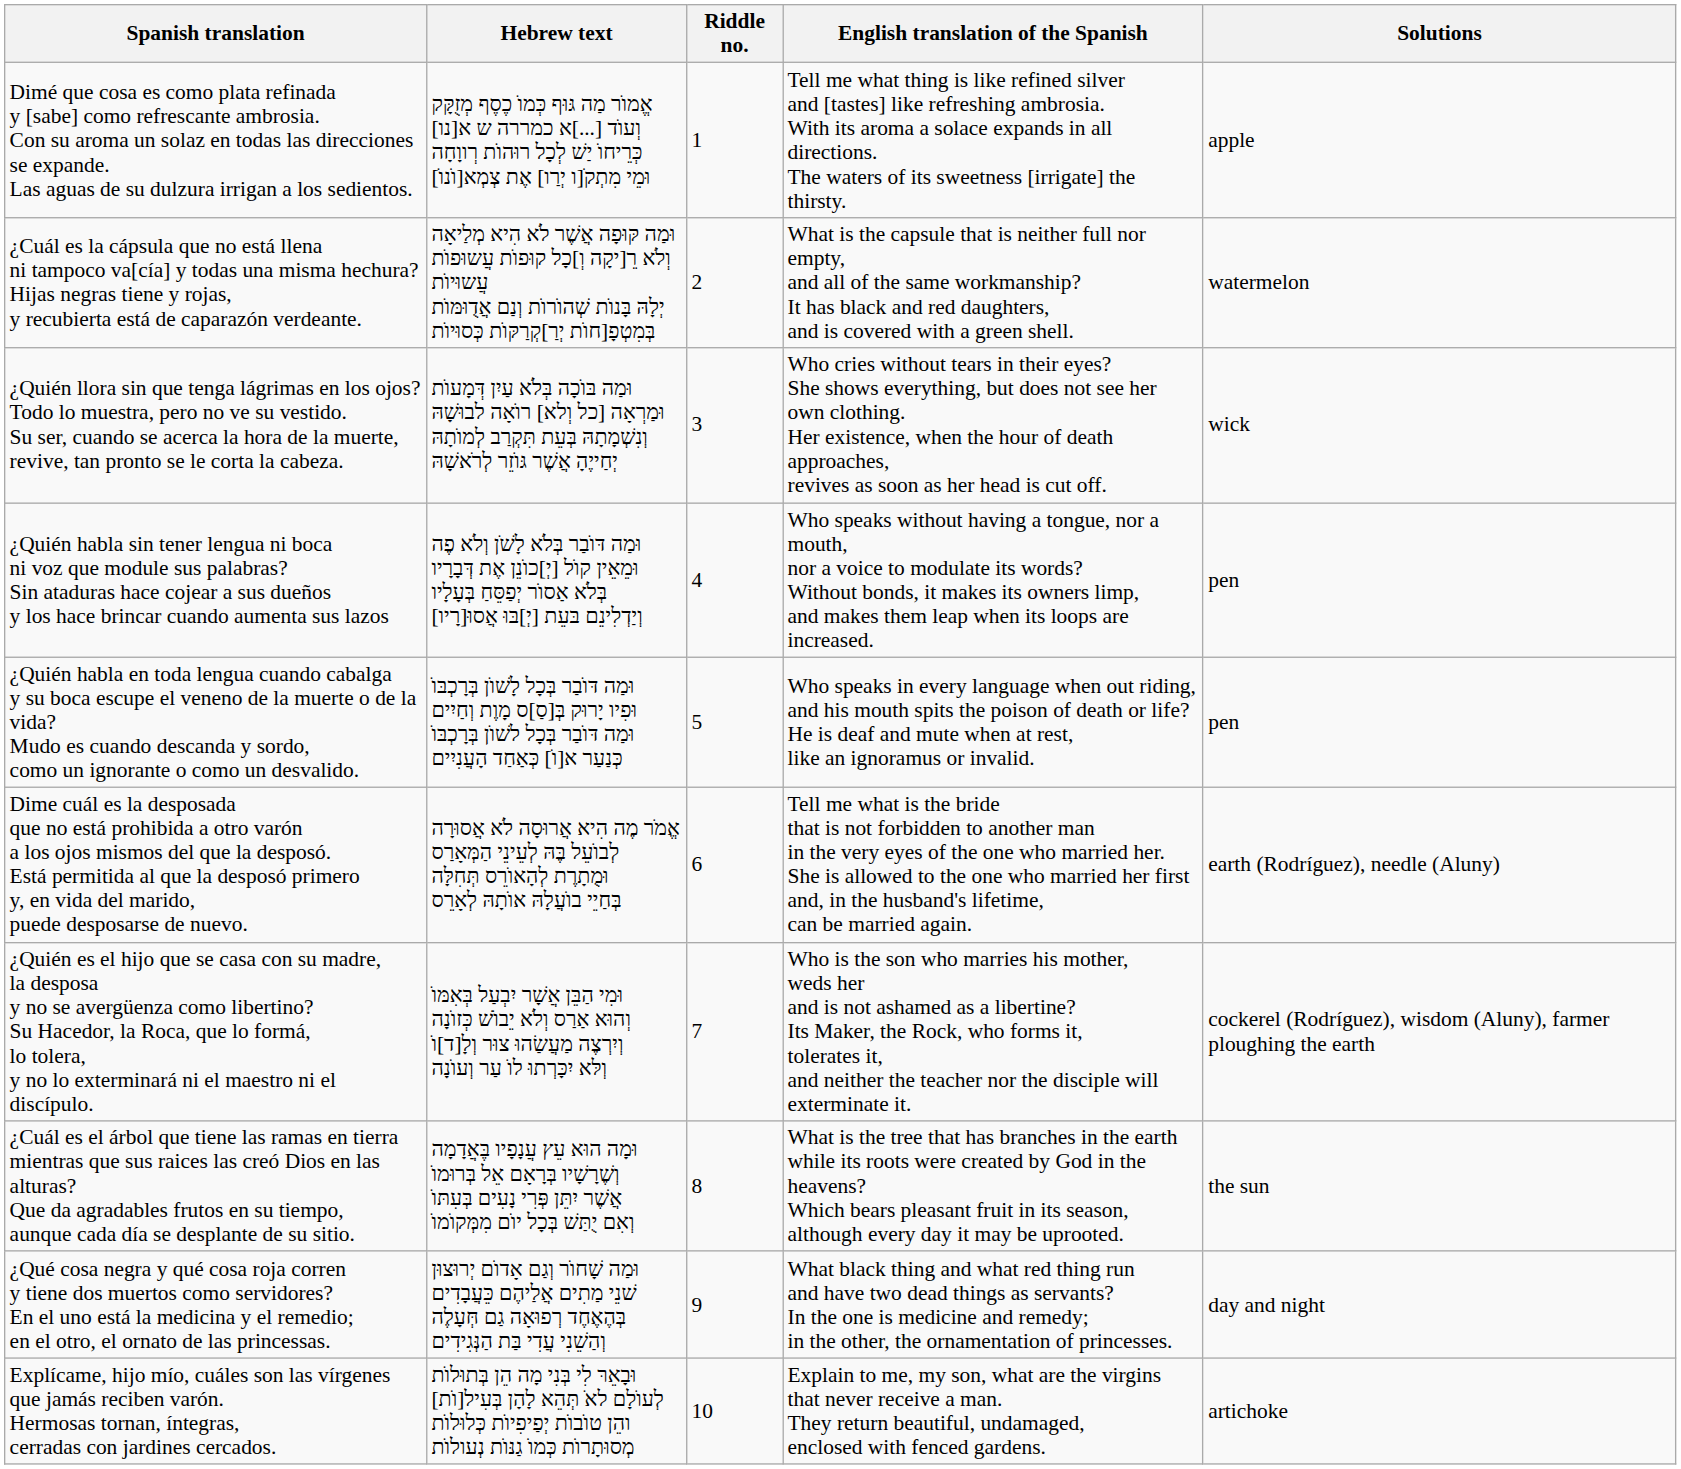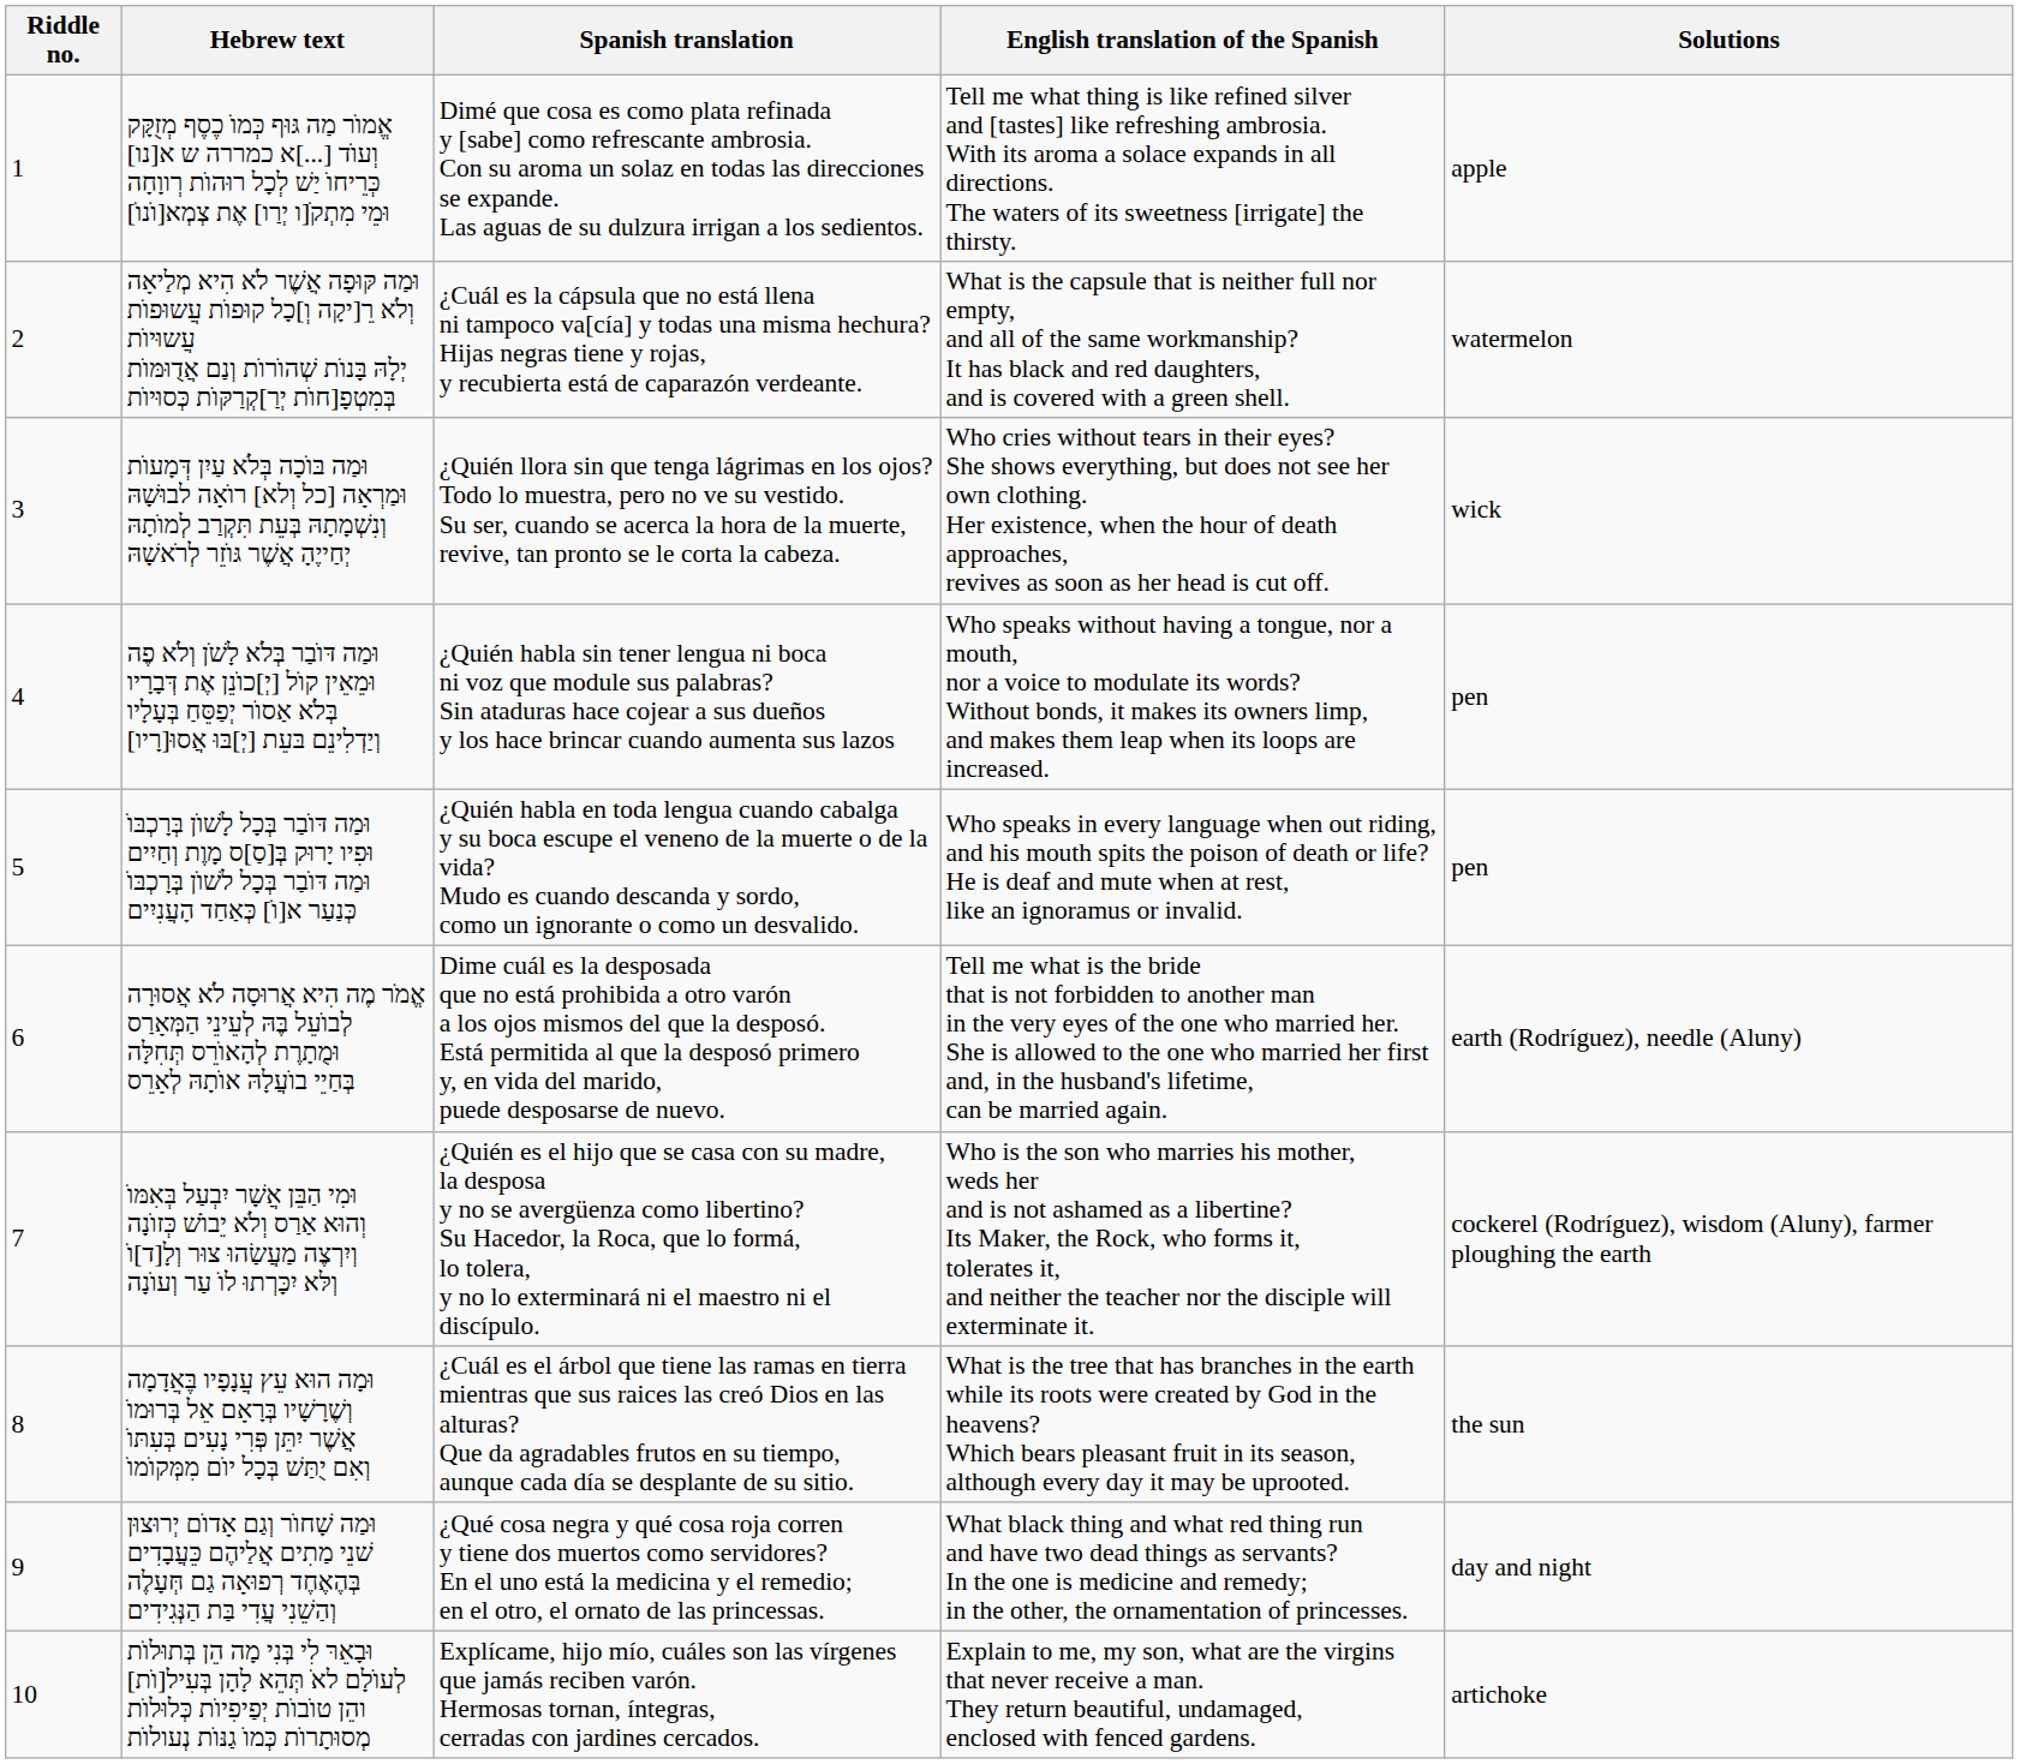 <table class="wikitable mw-collapsible">
 <tr>
+<th>Riddle no.</th>
+<th>Hebrew text</th>
 <th>Spanish translation</th>
-<th>Hebrew text</th>
-<th>Riddle no.</th>
 <th>English translation of the Spanish</th>
 <th>Solutions</th>
 </tr>
 <tr>
+<td>1</td>
+<td>אֱמוׂר מַה גּוּף כְּמוׂ כֶסֶף מְזֻקָּק<br>וְעוׂד [...]א כמררה ש א[נו]<br>כְּרֵיחוׂ יַשׁ לְכָל רוּהוׂת רְווָחָה<br>וּמֵי מִתְקׂ[ו יְרַו] אֶת צְמְא[וׂנוׂ]</td>
 <td>Dimé que cosa es como plata refinada<br>y [sabe] como refrescante ambrosia.<br>Con su aroma un solaz en todas las direcciones se expande.<br>Las aguas de su dulzura irrigan a los sedientos.</td>
-<td>אֱמוׂר מַה גּוּף כְּמוׂ כֶסֶף מְזֻקָּק<br>וְעוׂד [...]א כמררה ש א[נו]<br>כְּרֵיחוׂ יַשׁ לְכָל רוּהוׂת רְווָחָה<br>וּמֵי מִתְקׂ[ו יְרַו] אֶת צְמְא[וׂנוׂ]</td>
-<td>1</td>
 <td>Tell me what thing is like refined silver<br>and [tastes] like refreshing ambrosia.<br>With its aroma a solace expands in all directions.<br>The waters of its sweetness [irrigate] the thirsty.</td>
 <td>apple</td>
 </tr>
 <tr>
+<td>2</td>
+<td>וּמַה קּוּפָה אֲשֶׁר לׂא הִיא מְלַיאָה<br>וְלׂא רֵ[יקָה וְ]כָל קוּפוׂת עֲשוּפוׂת עֲשוּיוׂת<br>יְלָהּ בָּנוׂת שְׁהוׂרוׂת וְנַם אֲדֻוּמּוׂת<br>בְּמִטְפָ[חוׂת יְרַ]קְרַקּוׂת כְּסוּיוׂת</td>
 <td>¿Cuál es la cápsula que no está llena<br>ni tampoco va[cía] y todas una misma hechura?<br>Hijas negras tiene y rojas,<br>y recubierta está de caparazón verdeante.</td>
-<td>וּמַה קּוּפָה אֲשֶׁר לׂא הִיא מְלַיאָה<br>וְלׂא רֵ[יקָה וְ]כָל קוּפוׂת עֲשוּפוׂת עֲשוּיוׂת<br>יְלָהּ בָּנוׂת שְׁהוׂרוׂת וְנַם אֲדֻוּמּוׂת<br>בְּמִטְפָ[חוׂת יְרַ]קְרַקּוׂת כְּסוּיוׂת</td>
-<td>2</td>
 <td>What is the capsule that is neither full nor empty,<br>and all of the same workmanship?<br>It has black and red daughters,<br>and is covered with a green shell.</td>
 <td>watermelon</td>
 </tr>
 <tr>
+<td>3</td>
+<td>וּמַה בּוׂכָה בְּלׂא עַיִן דְּמָעוׂת<br>וּמַרְאָה [כל וְלא] רוׂאָה לבוּשָׁהּ<br>וְנִשְׁמָתָהּ בְּעֵת תִּקְרַב לְמוׂתָהּ<br>יְחַייֶהָ אֲשֶׁר גּוׂזֵר לְרׂאשָׁהּ</td>
 <td>¿Quién llora sin que tenga lágrimas en los ojos?<br>Todo lo muestra, pero no ve su vestido.<br>Su ser, cuando se acerca la hora de la muerte,<br>revive, tan pronto se le corta la cabeza.</td>
-<td>וּמַה בּוׂכָה בְּלׂא עַיִן דְּמָעוׂת<br>וּמַרְאָה [כל וְלא] רוׂאָה לבוּשָׁהּ<br>וְנִשְׁמָתָהּ בְּעֵת תִּקְרַב לְמוׂתָהּ<br>יְחַייֶהָ אֲשֶׁר גּוׂזֵר לְרׂאשָׁהּ</td>
-<td>3</td>
 <td>Who cries without tears in their eyes?<br>She shows everything, but does not see her own clothing.<br>Her existence, when the hour of death approaches,<br>revives as soon as her head is cut off.</td>
 <td>wick</td>
 </tr>
 <tr>
+<td>4</td>
+<td>וּמַה דּוׂבַר בְּלׂא לָשׁׂן וְלׂא פֶה<br>וּמֵאֵין קוׂל [יְ]כוׂנֵן אֶת דְּבָרָיו<br>בְּלׂא אַסוׂר יְפַסֵּחַ בְּעָלָיו<br>וְיַדְלִינֵם בּעֵת [יְ]בּוּ אֲסוּ[רָיו]</td>
 <td>¿Quién habla sin tener lengua ni boca<br>ni voz que module sus palabras?<br>Sin ataduras hace cojear a sus dueños<br>y los hace brincar cuando aumenta sus lazos</td>
-<td>וּמַה דּוׂבַר בְּלׂא לָשׁׂן וְלׂא פֶה<br>וּמֵאֵין קוׂל [יְ]כוׂנֵן אֶת דְּבָרָיו<br>בְּלׂא אַסוׂר יְפַסֵּחַ בְּעָלָיו<br>וְיַדְלִינֵם בּעֵת [יְ]בּוּ אֲסוּ[רָיו]</td>
-<td>4</td>
 <td>Who speaks without having a tongue, nor a mouth,<br>nor a voice to modulate its words?<br>Without bonds, it makes its owners limp,<br>and makes them leap when its loops are increased.</td>
 <td>pen</td>
 </tr>
 <tr>
+<td>5</td>
+<td>וּמַה דּוׂבַר בְּכָל לָשׁוׂן בְּרָכְבּוׂ<br>וּפִיו יָרוּק בְּ[סַ]ס מָוֶת וְחַיִים<br>וּמַה דּוׂבַר בְּכָל לשׁוׂן בְּרָכְבּוׂ<br>כְּנַעַר א[וׂ] כְּאַחַד הָעֲנִיִים</td>
 <td>¿Quién habla en toda lengua cuando cabalga<br>y su boca escupe el veneno de la muerte o de la vida?<br>Mudo es cuando descanda y sordo,<br>como un ignorante o como un desvalido.</td>
-<td>וּמַה דּוׂבַר בְּכָל לָשׁוׂן בְּרָכְבּוׂ<br>וּפִיו יָרוּק בְּ[סַ]ס מָוֶת וְחַיִים<br>וּמַה דּוׂבַר בְּכָל לשׁוׂן בְּרָכְבּוׂ<br>כְּנַעַר א[וׂ] כְּאַחַד הָעֲנִיִים</td>
-<td>5</td>
 <td>Who speaks in every language when out riding,<br>and his mouth spits the poison of death or life?<br>He is deaf and mute when at rest,<br>like an ignoramus or invalid.</td>
 <td>pen</td>
 </tr>
 <tr>
+<td>6</td>
+<td>אֱמׂר מֶה הִיא אֲרוּסָה לׂא אֲסוּרָה<br>לְבוׂעֵל בֶּהּ לְעֵינֵי הַמְּאָרַס<br>וּמֻתָרֶת לְהָאוׂרֵס תְּחִלָּה<br>בְּחַיֵי בוׂעֲלָהּ אוׂתָהּ לְאָרֵס</td>
 <td>Dime cuál es la desposada<br>que no está prohibida a otro varón<br>a los ojos mismos del que la desposó.<br>Está permitida al que la desposó primero<br>y, en vida del marido,<br>puede desposarse de nuevo.</td>
-<td>אֱמׂר מֶה הִיא אֲרוּסָה לׂא אֲסוּרָה<br>לְבוׂעֵל בֶּהּ לְעֵינֵי הַמְּאָרַס<br>וּמֻתָרֶת לְהָאוׂרֵס תְּחִלָּה<br>בְּחַיֵי בוׂעֲלָהּ אוׂתָהּ לְאָרֵס</td>
-<td>6</td>
 <td>Tell me what is the bride<br>that is not forbidden to another man<br>in the very eyes of the one who married her.<br>She is allowed to the one who married her first<br>and, in the husband's lifetime,<br>can be married again.</td>
 <td>earth (Rodríguez), needle (Aluny)</td>
 </tr>
 <tr>
+<td>7</td>
+<td>וּמִי הַבֵּן אֲשָׁר יִבְעַל בְּאִמּוׂ<br>וְהוּא אַרַס וְלׂא יֵבוׂשׁ כְּזוׂנָה<br>וְיִרְצֶה מַעֲשַׂהוּ צוּר וְלָ[ד]וׂ<br>וְלּא יִכָּרְתוּ לוׂ עַר וְעוׂנָה</td>
 <td>¿Quién es el hijo que se casa con su madre,<br>la desposa<br>y no se avergüenza como libertino?<br>Su Hacedor, la Roca, que lo formá,<br>lo tolera,<br>y no lo exterminará ni el maestro ni el discípulo.</td>
-<td>וּמִי הַבֵּן אֲשָׁר יִבְעַל בְּאִמּוׂ<br>וְהוּא אַרַס וְלׂא יֵבוׂשׁ כְּזוׂנָה<br>וְיִרְצֶה מַעֲשַׂהוּ צוּר וְלָ[ד]וׂ<br>וְלּא יִכָּרְתוּ לוׂ עַר וְעוׂנָה</td>
-<td>7</td>
 <td>Who is the son who marries his mother,<br>weds her<br>and is not ashamed as a libertine?<br>Its Maker, the Rock, who forms it,<br>tolerates it,<br>and neither the teacher nor the disciple will exterminate it.</td>
 <td>cockerel (Rodríguez), wisdom (Aluny), farmer ploughing the earth</td>
 </tr>
 <tr>
+<td>8</td>
+<td>וּמָה הוּא עֵץ עֲנָפָיו בֶּאֲדָמָה<br>וְשֶׁרָשָׁיו בְּרָאָם אֵל בְּרוּמוׂ<br>אֲשֶׁר יִתֵּן פְּרִי נָעִים בְּעִתּוׂ<br>וְאִם יֻתַּשׁ בְּכָל יוׂם מִמְּקוׂמוׂ</td>
 <td>¿Cuál es el árbol que tiene las ramas en tierra<br>mientras que sus raices las creó Dios en las alturas?<br>Que da agradables frutos en su tiempo,<br>aunque cada día se desplante de su sitio.</td>
-<td>וּמָה הוּא עֵץ עֲנָפָיו בֶּאֲדָמָה<br>וְשֶׁרָשָׁיו בְּרָאָם אֵל בְּרוּמוׂ<br>אֲשֶׁר יִתֵּן פְּרִי נָעִים בְּעִתּוׂ<br>וְאִם יֻתַּשׁ בְּכָל יוׂם מִמְּקוׂמוׂ</td>
-<td>8</td>
 <td>What is the tree that has branches in the earth<br>while its roots were created by God in the heavens?<br>Which bears pleasant fruit in its season,<br>although every day it may be uprooted.</td>
 <td>the sun</td>
 </tr>
 <tr>
+<td>9</td>
+<td>וּמַה שָׁחוׂר וְגַם אָדוׂם יְרוּצוּן<br>שׁנֵי מַתִים אֲלַיהֶם כֵּעֲבָדִים<br>בְּהֶאֶחֶד רְפוּאָה גַם חְּעָלֶה<br>וְהַשֵׁנִי עֲדִי בַּת הַנְּגִידִים</td>
 <td>¿Qué cosa negra y qué cosa roja corren<br>y tiene dos muertos como servidores?<br>En el uno está la medicina y el remedio;<br>en el otro, el ornato de las princessas.</td>
-<td>וּמַה שָׁחוׂר וְגַם אָדוׂם יְרוּצוּן<br>שׁנֵי מַתִים אֲלַיהֶם כֵּעֲבָדִים<br>בְּהֶאֶחֶד רְפוּאָה גַם חְּעָלֶה<br>וְהַשֵׁנִי עֲדִי בַּת הַנְּגִידִים</td>
-<td>9</td>
 <td>What black thing and what red thing run<br>and have two dead things as servants?<br>In the one is medicine and remedy;<br>in the other, the ornamentation of princesses.</td>
 <td>day and night</td>
 </tr>
 <tr>
+<td>10</td>
+<td>וּבָאֵרּ לִי בְּנִי מָה הֵן בְּתוּלוׂת<br>לְעוׂלָם לאׁ תְּהֵא לָהָן בְּעִיל[וׂת]<br>והֵן טוׂבוׂת יְפַיפִיוׂת כְּלוּלוׂת<br>מְסוּתָרוׂת כְּמוׂ גַנּוׂת נְעולוׂת</td>
 <td>Explícame, hijo mío, cuáles son las vírgenes<br>que jamás reciben varón.<br>Hermosas tornan, íntegras,<br>cerradas con jardines cercados.</td>
-<td>וּבָאֵרּ לִי בְּנִי מָה הֵן בְּתוּלוׂת<br>לְעוׂלָם לאׁ תְּהֵא לָהָן בְּעִיל[וׂת]<br>והֵן טוׂבוׂת יְפַיפִיוׂת כְּלוּלוׂת<br>מְסוּתָרוׂת כְּמוׂ גַנּוׂת נְעולוׂת</td>
-<td>10</td>
 <td>Explain to me, my son, what are the virgins<br>that never receive a man.<br>They return beautiful, undamaged,<br>enclosed with fenced gardens.</td>
 <td>artichoke</td>
 </tr>
 </table>
